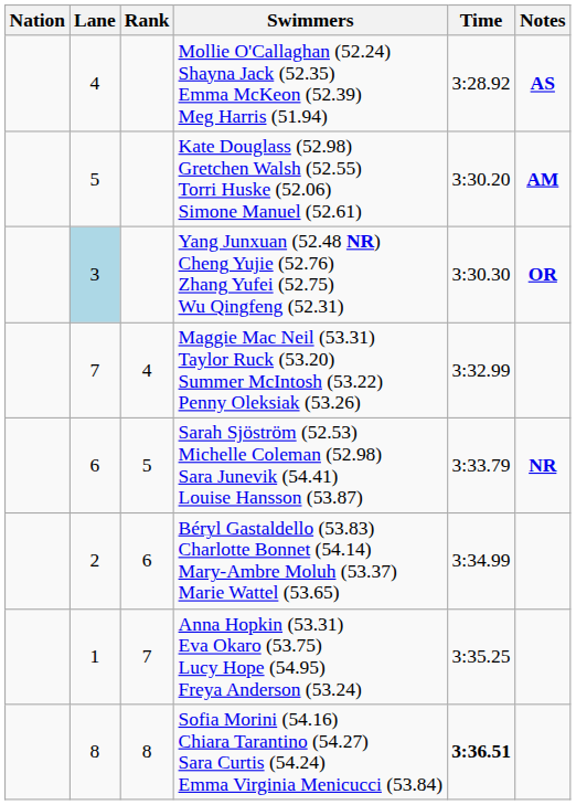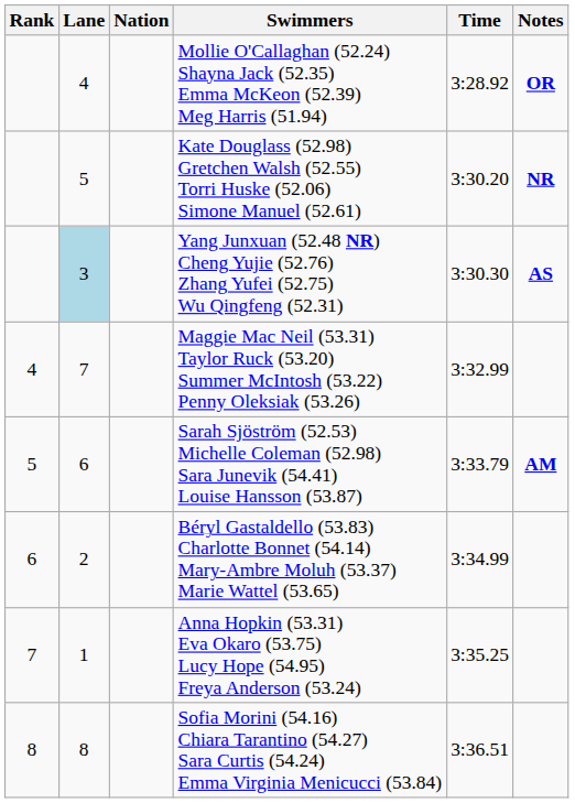 <table class="wikitable sortable mw-collapsible" style="text-align:center">
 <tr>
+<th scope="col">Rank</th>
+<th scope="col">Lane</th>
 <th scope="col">Nation</th>
-<th scope="col">Lane</th>
-<th scope="col">Rank</th>
 <th scope="col">Swimmers</th>
 <th scope="col">Time</th>
 <th scope="col">Notes</th>
 </tr>
 <tr>
+<td></td>
+<td>4</td>
 <td align="left" valign="middle"></td>
-<td>4</td>
-<td></td>
 <td align="left" valighn="top"><a href='#'>Mollie O'Callaghan</a> (52.24)<br><a href='#'>Shayna Jack</a> (52.35)<br><a href='#'>Emma McKeon</a> (52.39)<br><a href='#'>Meg Harris</a> (51.94)</td>
 <td>3:28.92</td>
+<td><strong><a href='#'>OR</a></strong></td>
+</tr>
+<tr>
+<td></td>
+<td>5</td>
+<td align="left" valign="middle"></td>
+<td align="left" valighn="top"><a href='#'>Kate Douglass</a> (52.98)<br><a href='#'>Gretchen Walsh</a> (52.55)<br><a href='#'>Torri Huske</a> (52.06)<br><a href='#'>Simone Manuel</a> (52.61)</td>
+<td>3:30.20</td>
+<td><strong><a href='#'>NR</a></strong></td>
+</tr>
+<tr>
+<td></td>
+<td style="background: lightblue;">3</td>
+<td align="left" valign="middle"></td>
+<td align="left" valighn="top"><a href='#'>Yang Junxuan</a> (52.48 <strong><a href='#'>NR</a></strong>)<br><a href='#'>Cheng Yujie</a> (52.76)<br><a href='#'>Zhang Yufei</a> (52.75)<br><a href='#'>Wu Qingfeng</a> (52.31)</td>
+<td>3:30.30</td>
 <td><strong><a href='#'>AS</a></strong></td>
 </tr>
 <tr>
+<td>4</td>
+<td>7</td>
 <td align="left" valign="middle"></td>
-<td>5</td>
-<td></td>
-<td align="left" valighn="top"><a href='#'>Kate Douglass</a> (52.98)<br><a href='#'>Gretchen Walsh</a> (52.55)<br><a href='#'>Torri Huske</a> (52.06)<br><a href='#'>Simone Manuel</a> (52.61)</td>
-<td>3:30.20</td>
-<td><strong><a href='#'>AM</a></strong></td>
-</tr>
-<tr>
-<td align="left" valign="middle"></td>
-<td style="background: lightblue;">3</td>
-<td></td>
-<td align="left" valighn="top"><a href='#'>Yang Junxuan</a> (52.48 <strong><a href='#'>NR</a></strong>)<br><a href='#'>Cheng Yujie</a> (52.76)<br><a href='#'>Zhang Yufei</a> (52.75)<br><a href='#'>Wu Qingfeng</a> (52.31)</td>
-<td>3:30.30</td>
-<td><strong><a href='#'>OR</a></strong></td>
-</tr>
-<tr>
-<td align="left" valign="middle"></td>
-<td>7</td>
-<td>4</td>
 <td align="left" valighn="top"><a href='#'>Maggie Mac Neil</a> (53.31)<br><a href='#'>Taylor Ruck</a> (53.20)<br><a href='#'>Summer McIntosh</a> (53.22)<br><a href='#'>Penny Oleksiak</a> (53.26)</td>
 <td>3:32.99</td>
 <td></td>
 </tr>
 <tr>
+<td>5</td>
+<td>6</td>
 <td align="left" valign="middle"></td>
-<td>6</td>
-<td>5</td>
 <td align="left" valighn="top"><a href='#'>Sarah Sjöström</a> (52.53)<br><a href='#'>Michelle Coleman</a> (52.98)<br><a href='#'>Sara Junevik</a> (54.41)<br><a href='#'>Louise Hansson</a> (53.87)</td>
 <td>3:33.79</td>
-<td><strong><a href='#'>NR</a></strong></td>
+<td><strong><a href='#'>AM</a></strong></td>
 </tr>
 <tr>
+<td>6</td>
+<td>2</td>
 <td align="left" valign="middle"></td>
-<td>2</td>
-<td>6</td>
 <td align="left" valighn="top"><a href='#'>Béryl Gastaldello</a> (53.83)<br><a href='#'>Charlotte Bonnet</a> (54.14)<br><a href='#'>Mary-Ambre Moluh</a> (53.37)<br><a href='#'>Marie Wattel</a> (53.65)</td>
 <td>3:34.99</td>
 <td></td>
 </tr>
 <tr>
+<td>7</td>
+<td>1</td>
 <td align="left" valign="middle"></td>
-<td>1</td>
-<td>7</td>
 <td align="left" valighn="top"><a href='#'>Anna Hopkin</a> (53.31)<br><a href='#'>Eva Okaro</a> (53.75)<br><a href='#'>Lucy Hope</a> (54.95)<br><a href='#'>Freya Anderson</a> (53.24)</td>
 <td>3:35.25</td>
 <td></td>
 </tr>
 <tr>
-<td align="left" valign="middle"></td>
 <td>8</td>
 <td>8</td>
+<td align="left" valign="middle"></td>
 <td align="left" valighn="top"><a href='#'>Sofia Morini</a> (54.16)<br><a href='#'>Chiara Tarantino</a> (54.27)<br><a href='#'>Sara Curtis</a> (54.24)<br><a href='#'>Emma Virginia Menicucci</a> (53.84)</td>
-<td><strong>3:36.51</strong></td>
+<td>3:36.51</td>
 <td></td>
 </tr>
 </table>
